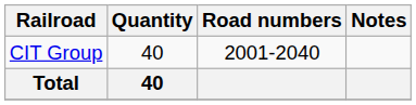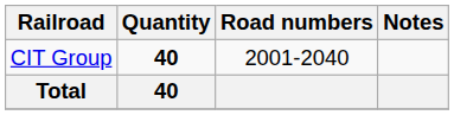 <table class="wikitable">
 <tr>
 <th>Railroad</th>
 <th>Quantity</th>
 <th>Road numbers</th>
 <th>Notes</th>
 </tr>
 <tr>
 <td><a href='#'>CIT Group</a></td>
-<td style="text-align:center;">40</td>
+<td style="text-align:center;"><strong>40</strong></td>
 <td style="text-align:center;">2001-2040</td>
 <td></td>
 </tr>
 <tr>
 <th>Total</th>
 <th>40</th>
 <th></th>
 <th></th>
 </tr>
 <tr>
 </tr>
 </table>
